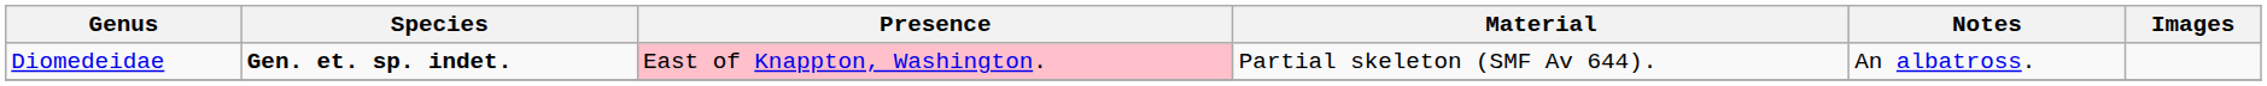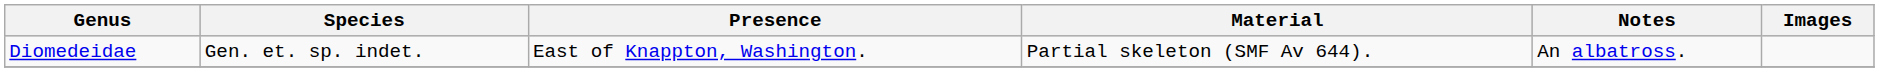 <table class="wikitable"  style="margin:auto; width:100%;">
 <tr>
 <th>Genus</th>
 <th>Species</th>
 <th>Presence</th>
 <th><strong>Material</strong></th>
 <th>Notes</th>
 <th>Images</th>
 </tr>
 <tr>
 <td><a href='#'>Diomedeidae</a></td>
-<td><strong>Gen. et. sp. indet.</strong></td>
-<td style="background: pink;">East of <a href='#'>Knappton, Washington</a>.</td>
+<td>Gen. et. sp. indet.</td>
+<td>East of <a href='#'>Knappton, Washington</a>.</td>
 <td>Partial skeleton (SMF Av 644).</td>
 <td>An <a href='#'>albatross</a>.</td>
 <td></td>
 </tr>
 <tr>
 </tr>
 </table>
